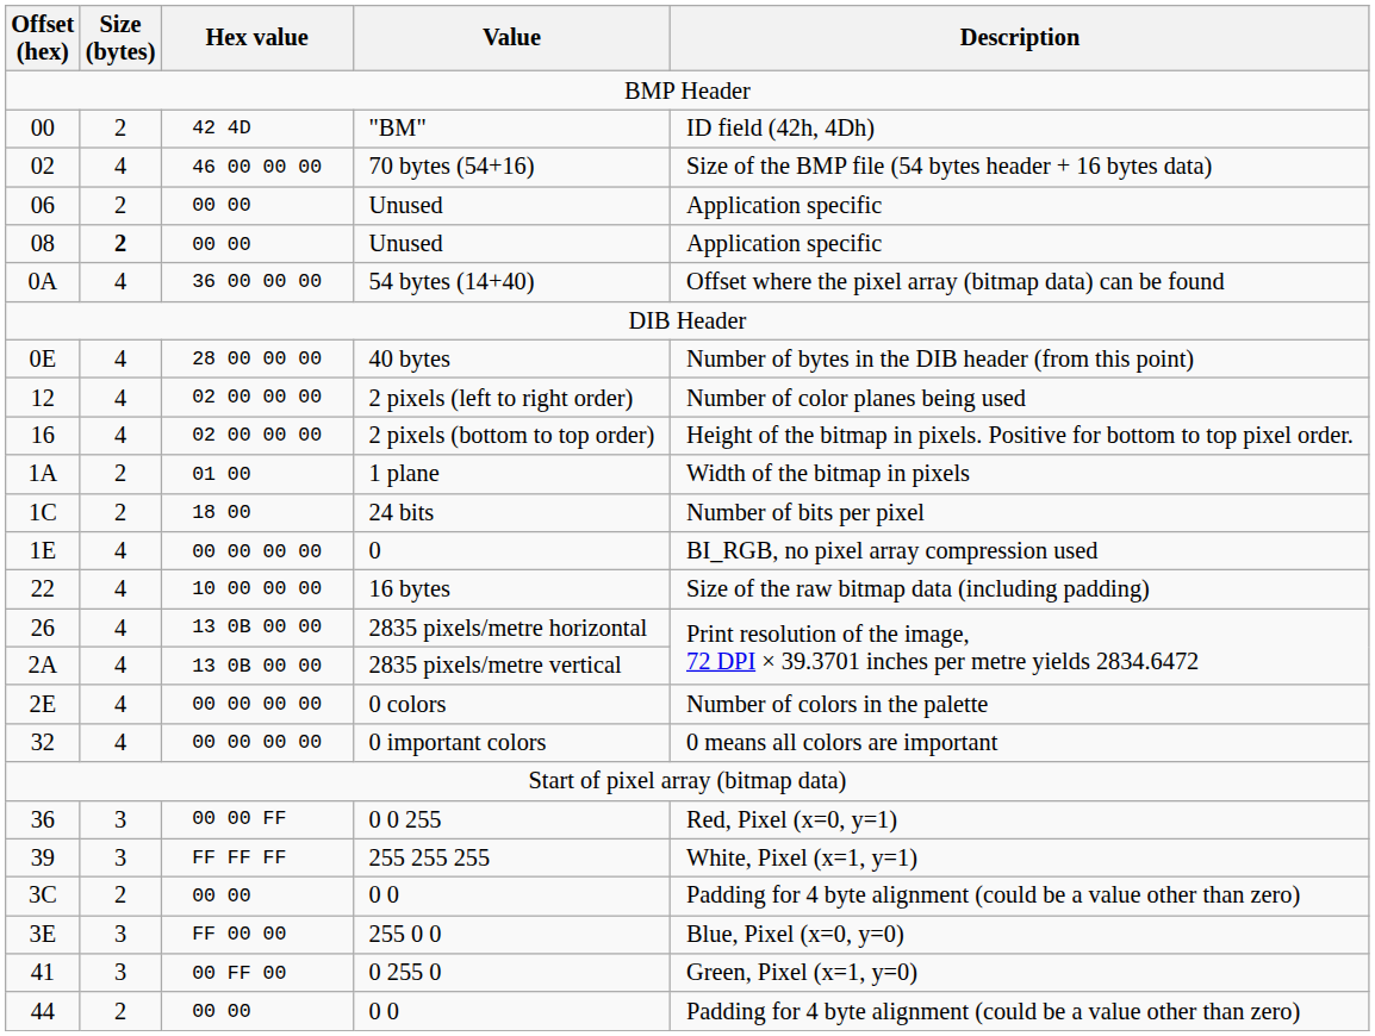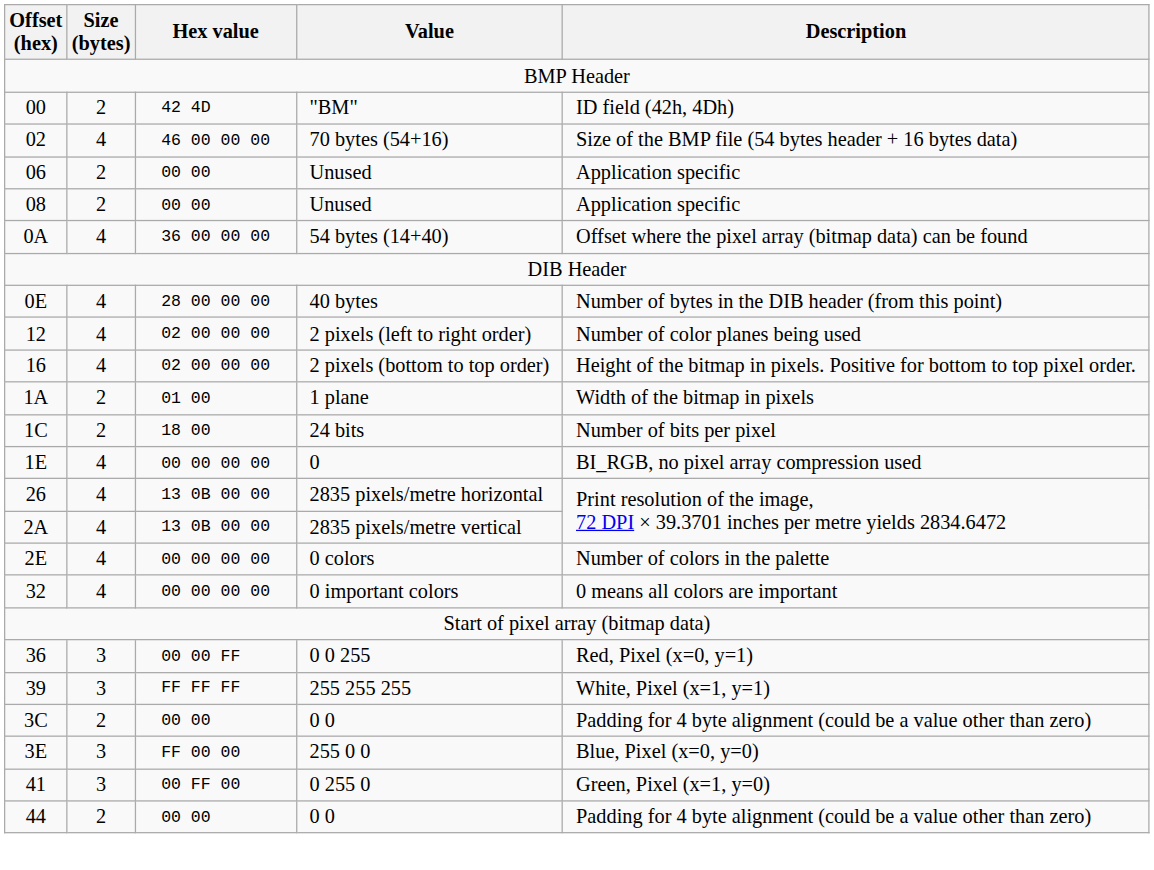 <table class="wikitable">
 <tr>
 <th>Offset<br>(hex)</th>
 <th>Size<br>(bytes)</th>
 <th>Hex value</th>
 <th>Value</th>
 <th>Description</th>
 </tr>
 <tr>
 <td colspan="5" style="text-align: center;">BMP Header</td>
 </tr>
 <tr>
 <td align="center">00</td>
 <td align="center">2</td>
 <td style="padding: 0px 20px; white-space: nowrap; font-family:monospace;">42 4D</td>
 <td style="padding: 0px 10px">"BM"</td>
 <td style="padding: 0px 10px">ID field (42h, 4Dh)</td>
 </tr>
 <tr>
 <td align="center">02</td>
 <td align="center">4</td>
 <td style="padding: 0px 20px; white-space: nowrap; font-family:monospace;">46 00 00 00</td>
 <td style="padding: 0px 10px">70 bytes (54+16)</td>
 <td style="padding: 0px 10px">Size of the BMP file (54 bytes header + 16 bytes data)</td>
 </tr>
 <tr>
 <td align="center">06</td>
 <td align="center">2</td>
 <td style="padding: 0px 20px; white-space: nowrap; font-family:monospace;">00 00</td>
 <td style="padding: 0px 10px">Unused</td>
 <td style="padding: 0px 10px">Application specific</td>
 </tr>
 <tr>
 <td align="center">08</td>
-<td align="center"><strong>2</strong></td>
+<td align="center">2</td>
 <td style="padding: 0px 20px; white-space: nowrap; font-family:monospace;">00 00</td>
 <td style="padding: 0px 10px">Unused</td>
 <td style="padding: 0px 10px">Application specific</td>
 </tr>
 <tr>
 <td align="center">0A</td>
 <td align="center">4</td>
 <td style="padding: 0px 20px; white-space: nowrap; font-family:monospace;">36 00 00 00</td>
 <td style="padding: 0px 10px">54 bytes (14+40)</td>
 <td style="padding: 0px 10px">Offset where the pixel array (bitmap data) can be found</td>
 </tr>
 <tr>
 <td colspan="5" style="text-align: center;">DIB Header</td>
 </tr>
 <tr>
 <td align="center">0E</td>
 <td align="center">4</td>
 <td style="padding: 0px 20px; white-space: nowrap; font-family:monospace;">28 00 00 00</td>
 <td style="padding: 0px 10px">40 bytes</td>
 <td style="padding: 0px 10px">Number of bytes in the DIB header (from this point)</td>
 </tr>
 <tr>
 <td align="center">12</td>
 <td align="center">4</td>
 <td style="padding: 0px 20px; white-space: nowrap; font-family:monospace;">02 00 00 00</td>
 <td style="padding: 0px 10px">2 pixels (left to right order)</td>
 <td style="padding: 0px 10px">Number of color planes being used</td>
 </tr>
 <tr>
 <td align="center">16</td>
 <td align="center">4</td>
 <td style="padding: 0px 20px; white-space: nowrap; font-family:monospace;">02 00 00 00</td>
 <td style="padding: 0px 10px">2 pixels (bottom to top order)</td>
 <td style="padding: 0px 10px">Height of the bitmap in pixels. Positive for bottom to top pixel order.</td>
 </tr>
 <tr>
 <td align="center">1A</td>
 <td align="center">2</td>
 <td style="padding: 0px 20px; white-space: nowrap; font-family:monospace;">01 00</td>
 <td style="padding: 0px 10px">1 plane</td>
 <td style="padding: 0px 10px">Width of the bitmap in pixels</td>
 </tr>
 <tr>
 <td align="center">1C</td>
 <td align="center">2</td>
 <td style="padding: 0px 20px; white-space: nowrap; font-family:monospace;">18 00</td>
 <td style="padding: 0px 10px">24 bits</td>
 <td style="padding: 0px 10px">Number of bits per pixel</td>
 </tr>
 <tr>
 <td align="center">1E</td>
 <td align="center">4</td>
 <td style="padding: 0px 20px; white-space: nowrap; font-family:monospace;">00 00 00 00</td>
 <td style="padding: 0px 10px">0</td>
 <td style="padding: 0px 10px">BI_RGB, no pixel array compression used</td>
-</tr>
-<tr>
-<td align="center">22</td>
-<td align="center">4</td>
-<td style="padding: 0px 20px; white-space: nowrap; font-family:monospace;">10 00 00 00</td>
-<td style="padding: 0px 10px">16 bytes</td>
-<td style="padding: 0px 10px">Size of the raw bitmap data (including padding)</td>
 </tr>
 <tr>
 <td align="center">26</td>
 <td align="center">4</td>
 <td style="padding: 0px 20px; white-space: nowrap; font-family:monospace;">13 0B 00 00</td>
 <td style="padding: 0px 10px">2835 pixels/metre horizontal</td>
 <td style="padding: 0px 10px" rowspan="2">Print resolution of the image,<br><a href='#'>72 DPI</a> × 39.3701 inches per metre yields 2834.6472</td>
 </tr>
 <tr>
 <td align="center">2A</td>
 <td align="center">4</td>
 <td style="padding: 0px 20px; white-space: nowrap; font-family:monospace;">13 0B 00 00</td>
 <td style="padding: 0px 10px">2835 pixels/metre vertical</td>
 </tr>
 <tr>
 <td align="center">2E</td>
 <td align="center">4</td>
 <td style="padding: 0px 20px; white-space: nowrap; font-family:monospace;">00 00 00 00</td>
 <td style="padding: 0px 10px">0 colors</td>
 <td style="padding: 0px 10px">Number of colors in the palette</td>
 </tr>
 <tr>
 <td align="center">32</td>
 <td align="center">4</td>
 <td style="padding: 0px 20px; white-space: nowrap; font-family:monospace;">00 00 00 00</td>
 <td style="padding: 0px 10px">0 important colors</td>
 <td style="padding: 0px 10px">0 means all colors are important</td>
 </tr>
 <tr>
 <td colspan="5" align="center">Start of pixel array (bitmap data)</td>
 </tr>
 <tr>
 <td align="center">36</td>
 <td align="center">3</td>
 <td style="padding: 0px 20px; white-space: nowrap; font-family:monospace;">00 00 FF</td>
 <td style="padding: 0px 10px">0 0 255</td>
 <td style="padding: 0px 10px">Red, Pixel (x=0, y=1)</td>
 </tr>
 <tr>
 <td align="center">39</td>
 <td align="center">3</td>
 <td style="padding: 0px 20px; white-space: nowrap; font-family:monospace;">FF FF FF</td>
 <td style="padding: 0px 10px">255 255 255</td>
 <td style="padding: 0px 10px">White, Pixel (x=1, y=1)</td>
 </tr>
 <tr>
 <td align="center">3C</td>
 <td align="center">2</td>
 <td style="padding: 0px 20px; white-space: nowrap; font-family:monospace;">00 00</td>
 <td style="padding: 0px 10px">0 0</td>
 <td style="padding: 0px 10px">Padding for 4 byte alignment (could be a value other than zero)</td>
 </tr>
 <tr>
 <td align="center">3E</td>
 <td align="center">3</td>
 <td style="padding: 0px 20px; white-space: nowrap; font-family:monospace;">FF 00 00</td>
 <td style="padding: 0px 10px">255 0 0</td>
 <td style="padding: 0px 10px">Blue, Pixel (x=0, y=0)</td>
 </tr>
 <tr>
 <td align="center">41</td>
 <td align="center">3</td>
 <td style="padding: 0px 20px; white-space: nowrap; font-family:monospace;">00 FF 00</td>
 <td style="padding: 0px 10px">0 255 0</td>
 <td style="padding: 0px 10px">Green, Pixel (x=1, y=0)</td>
 </tr>
 <tr>
 <td align="center">44</td>
 <td align="center">2</td>
 <td style="padding: 0px 20px; white-space: nowrap; font-family:monospace;">00 00</td>
 <td style="padding: 0px 10px">0 0</td>
 <td style="padding: 0px 10px">Padding for 4 byte alignment (could be a value other than zero)</td>
 </tr>
 </table>
